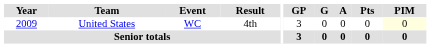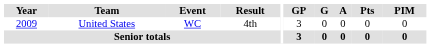 <table border="0" cellpadding="1" cellspacing="0" ID="Table3" style="text-align:center; width:40em">
 <tr ALIGN="center" bgcolor="#e0e0e0">
 <th>Year</th>
 <th>Team</th>
 <th>Event</th>
 <th>Result</th>
 <th rowspan="99" bgcolor="#ffffff"></th>
 <th>GP</th>
 <th>G</th>
 <th>A</th>
 <th>Pts</th>
 <th>PIM</th>
 </tr>
 <tr>
 <td><a href='#'>2009</a></td>
 <td><a href='#'>United States</a></td>
 <td><a href='#'>WC</a></td>
 <td>4th</td>
 <td>3</td>
 <td>0</td>
 <td>0</td>
 <td>0</td>
-<td style="background: lightyellow;">0</td>
+<td>0</td>
 </tr>
 <tr bgcolor="#e0e0e0">
 <th colspan="4">Senior totals</th>
 <th>3</th>
 <th>0</th>
 <th>0</th>
 <th>0</th>
 <th>0</th>
 </tr>
 </table>
